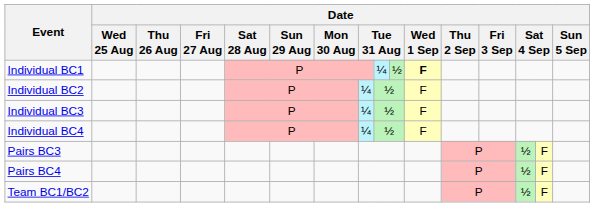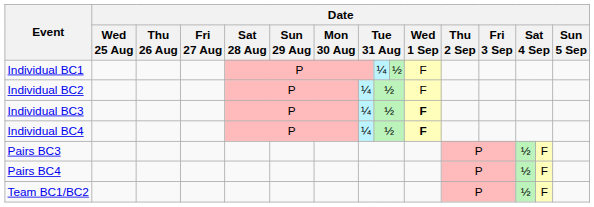 <table class="wikitable" style="margin:0.5em auto; font-size:90%; line-height:1.25em;">
 <tr align="center">
 <th rowspan=2>Event</th>
 <th colspan=16>Date</th>
 </tr>
 <tr>
 <th>Wed<br>25 Aug</th>
 <th>Thu<br>26 Aug</th>
 <th>Fri<br>27 Aug</th>
 <th>Sat<br>28 Aug</th>
 <th>Sun<br>29 Aug</th>
 <th>Mon<br>30 Aug</th>
 <th colspan=3>Tue<br>31 Aug</th>
 <th>Wed<br>1 Sep</th>
 <th>Thu<br>2 Sep</th>
 <th>Fri<br>3 Sep</th>
 <th colspan=2>Sat<br>4 Sep</th>
 <th>Sun<br>5 Sep</th>
 </tr>
 <tr align="center">
 <td align="left"><a href='#'>Individual BC1</a></td>
 <td></td>
 <td></td>
 <td></td>
 <td colspan=4 bgcolor="#FFBBBB">P</td>
 <td bgcolor="#BBF3FF">¼</td>
 <td bgcolor="#BBF3BB">½</td>
-<td bgcolor="#FFFFBB"><strong>F</strong></td>
+<td bgcolor="#FFFFBB">F</td>
 <td></td>
 <td></td>
 <td colspan=2></td>
 <td></td>
 </tr>
 <tr align="center">
 <td align="left"><a href='#'>Individual BC2</a></td>
 <td></td>
 <td></td>
 <td></td>
 <td colspan=3 bgcolor="#FFBBBB">P</td>
 <td bgcolor="#BBF3FF">¼</td>
 <td colspan=2 bgcolor="#BBF3BB">½</td>
 <td bgcolor="#FFFFBB">F</td>
 <td></td>
 <td></td>
 <td colspan=2></td>
 <td></td>
 </tr>
 <tr align="center">
 <td align="left"><a href='#'>Individual BC3</a></td>
 <td></td>
 <td></td>
 <td></td>
 <td colspan=3 bgcolor="#FFBBBB">P</td>
 <td bgcolor="#BBF3FF">¼</td>
 <td colspan=2 bgcolor="#BBF3BB">½</td>
-<td bgcolor="#FFFFBB">F</td>
+<td bgcolor="#FFFFBB"><strong>F</strong></td>
 <td></td>
 <td></td>
 <td colspan=2></td>
 <td></td>
 </tr>
 <tr align="center">
 <td align="left"><a href='#'>Individual BC4</a></td>
 <td></td>
 <td></td>
 <td></td>
 <td colspan=3 bgcolor="#FFBBBB">P</td>
 <td bgcolor="#BBF3FF">¼</td>
 <td colspan=2 bgcolor="#BBF3BB">½</td>
-<td bgcolor="#FFFFBB">F</td>
+<td bgcolor="#FFFFBB"><strong>F</strong></td>
 <td></td>
 <td></td>
 <td colspan=2></td>
 <td></td>
 </tr>
 <tr align="center">
 <td align="left"><a href='#'>Pairs BC3</a></td>
 <td></td>
 <td></td>
 <td></td>
 <td></td>
 <td></td>
 <td></td>
 <td colspan=3></td>
 <td></td>
 <td colspan=2 bgcolor="#FFBBBB">P</td>
 <td bgcolor="#BBF3BB">½</td>
 <td bgcolor="#FFFFBB">F</td>
 <td></td>
 </tr>
 <tr align="center">
 <td align="left"><a href='#'>Pairs BC4</a></td>
 <td></td>
 <td></td>
 <td></td>
 <td></td>
 <td></td>
 <td></td>
 <td colspan=3></td>
 <td></td>
 <td colspan=2 bgcolor="#FFBBBB">P</td>
 <td bgcolor="#BBF3BB">½</td>
 <td bgcolor="#FFFFBB">F</td>
 <td></td>
 </tr>
 <tr align="center">
 <td align="left"><a href='#'>Team BC1/BC2</a></td>
 <td></td>
 <td></td>
 <td></td>
 <td></td>
 <td></td>
 <td></td>
 <td colspan=3></td>
 <td></td>
 <td colspan=2 bgcolor="#FFBBBB">P</td>
 <td bgcolor="#BBF3BB">½</td>
 <td bgcolor="#FFFFBB">F</td>
 <td></td>
 </tr>
 </table>
